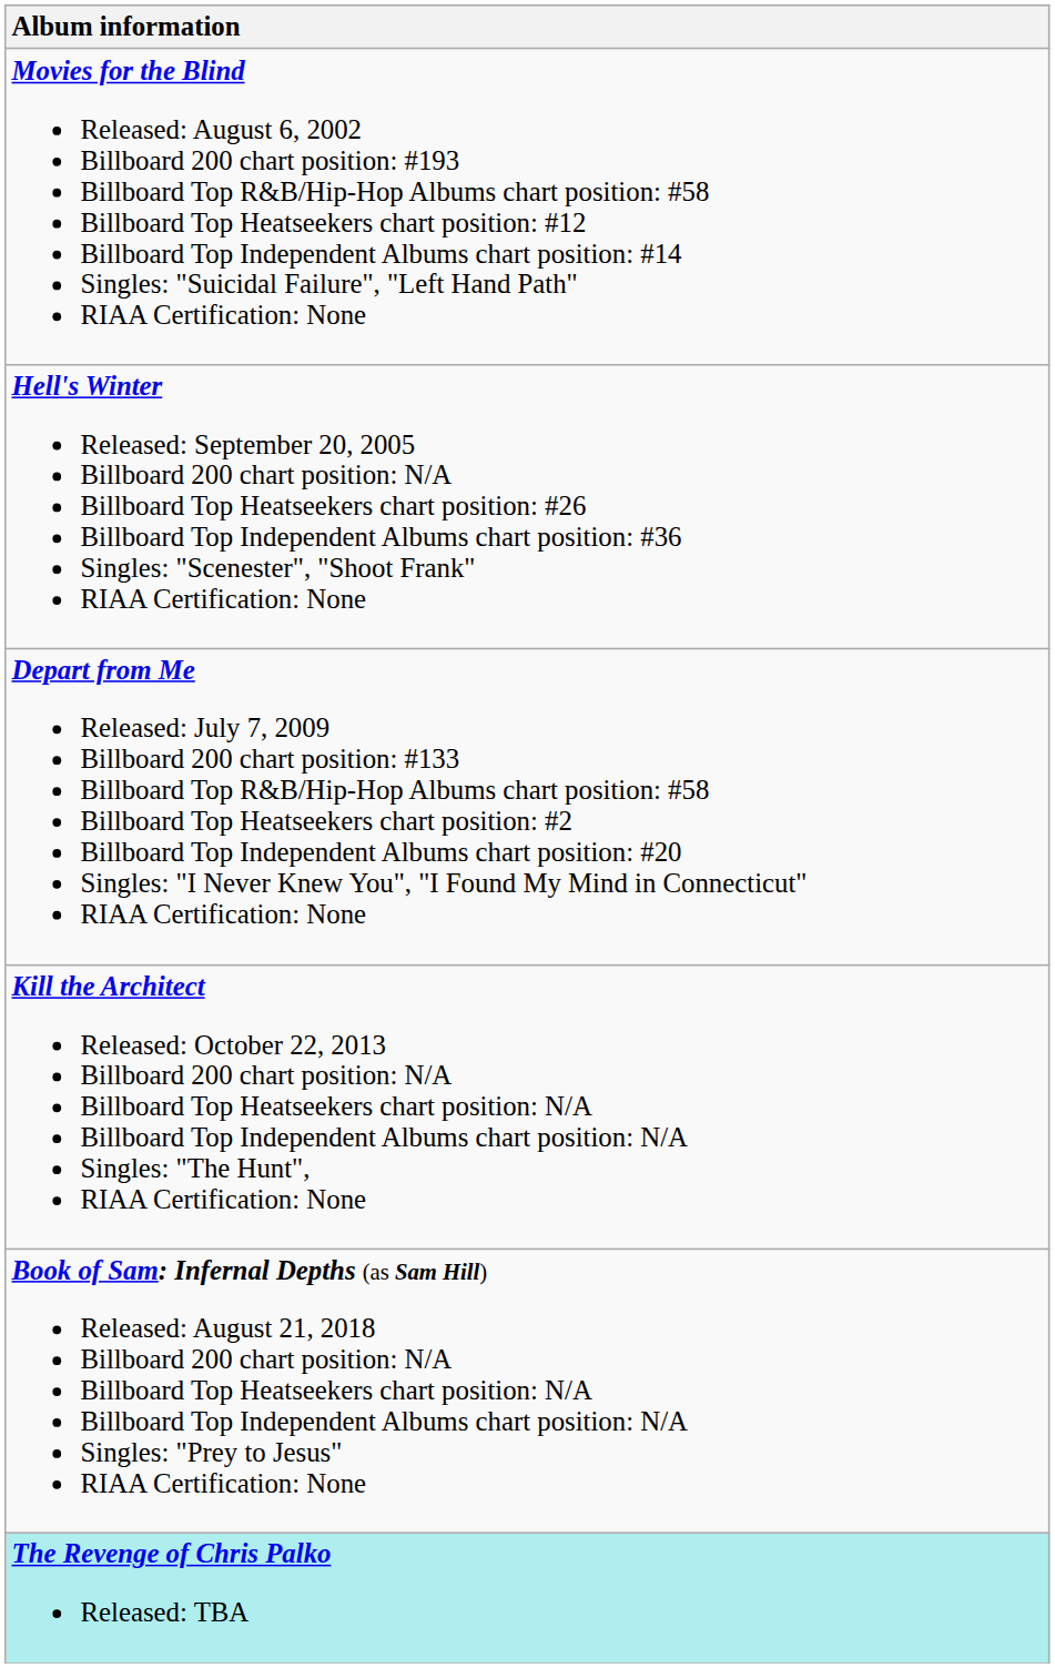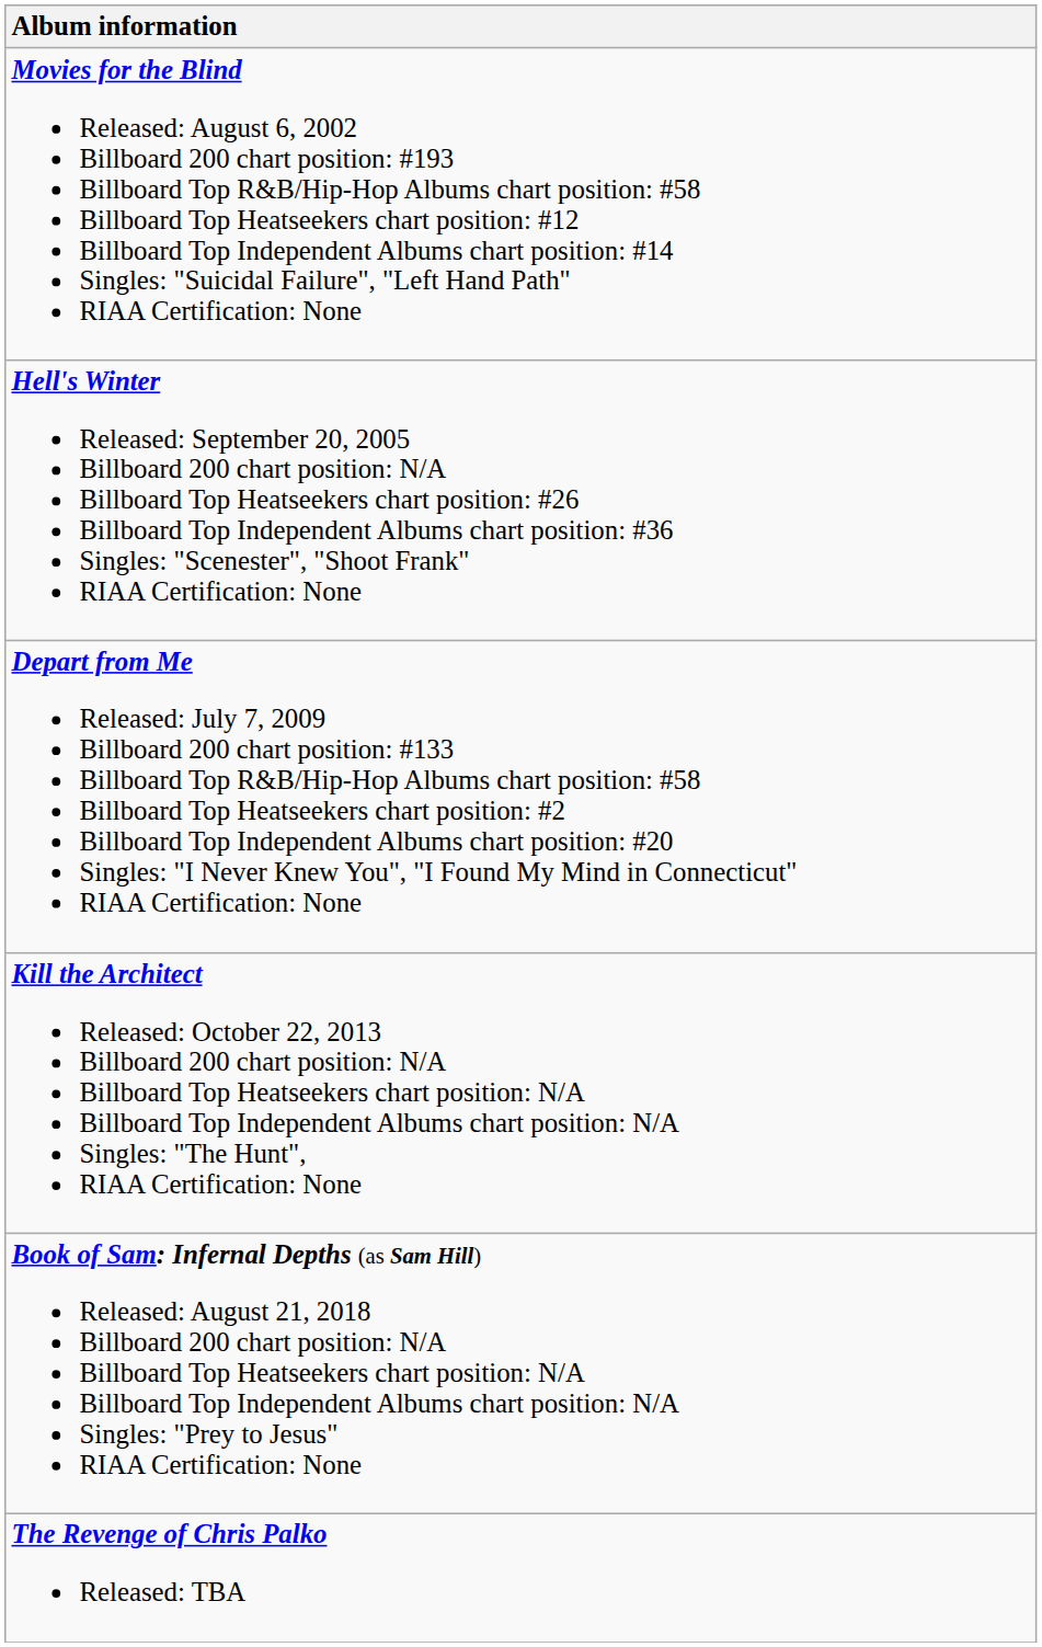 <table class="wikitable">
 <tr>
 <th style="text-align:left; width:600px;">Album information</th>
 </tr>
 <tr>
 <td align="left"><strong><em><a href='#'>Movies for the Blind</a></em></strong><br><ul><li>Released: August 6, 2002</li><li>Billboard 200 chart position: #193</li><li>Billboard Top R&B/Hip-Hop Albums chart position: #58</li><li>Billboard Top Heatseekers chart position: #12</li><li>Billboard Top Independent Albums chart position: #14</li><li>Singles: "Suicidal Failure", "Left Hand Path"</li><li>RIAA Certification: None</li></ul></td>
 </tr>
 <tr>
 <td align="left"><strong><em><a href='#'>Hell's Winter</a></em></strong><br><ul><li>Released: September 20, 2005</li><li>Billboard 200 chart position: N/A</li><li>Billboard Top Heatseekers chart position: #26</li><li>Billboard Top Independent Albums chart position: #36</li><li>Singles: "Scenester", "Shoot Frank"</li><li>RIAA Certification: None</li></ul></td>
 </tr>
 <tr>
 <td align="left"><strong><em><a href='#'>Depart from Me</a></em></strong><br><ul><li>Released: July 7, 2009</li><li>Billboard 200 chart position: #133</li><li>Billboard Top R&B/Hip-Hop Albums chart position: #58</li><li>Billboard Top Heatseekers chart position: #2</li><li>Billboard Top Independent Albums chart position: #20</li><li>Singles: "I Never Knew You", "I Found My Mind in Connecticut"</li><li>RIAA Certification: None</li></ul></td>
 </tr>
 <tr>
 <td align="left"><strong><em><a href='#'>Kill the Architect</a></em></strong><br><ul><li>Released: October 22, 2013</li><li>Billboard 200 chart position: N/A</li><li>Billboard Top Heatseekers chart position: N/A</li><li>Billboard Top Independent Albums chart position:  N/A</li><li>Singles: "The Hunt",</li><li>RIAA Certification: None</li></ul></td>
 </tr>
 <tr>
 <td align="left"><strong><em><a href='#'>Book of Sam</a>: Infernal Depths</em></strong> <small>(as <strong><em>Sam Hill</em></strong>)</small><br><ul><li>Released: August 21, 2018</li><li>Billboard 200 chart position: N/A</li><li>Billboard Top Heatseekers chart position: N/A</li><li>Billboard Top Independent Albums chart position:  N/A</li><li>Singles: "Prey to Jesus"</li><li>RIAA Certification: None</li></ul></td>
 </tr>
 <tr>
-<td align="left" style="background: paleturquoise;"><strong><em><a href='#'>The Revenge of Chris Palko</a></em></strong><br><ul><li>Released: TBA</li></ul></td>
+<td align="left"><strong><em><a href='#'>The Revenge of Chris Palko</a></em></strong><br><ul><li>Released: TBA</li></ul></td>
 </tr>
 </table>
